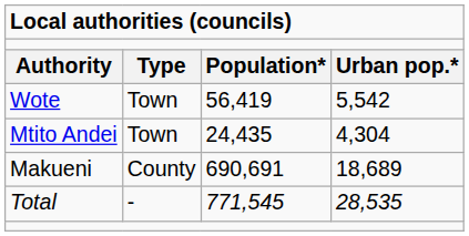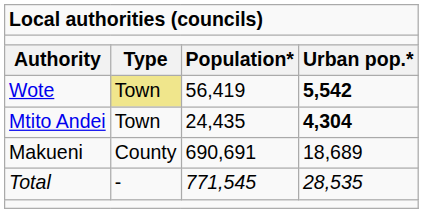 <table class="wikitable">
 <tr>
 <td colspan="5"><strong>Local authorities (councils)</strong></td>
 </tr>
 <tr>
 <td colspan="5"></td>
 </tr>
 <tr>
 <th>Authority</th>
 <th>Type</th>
 <th>Population*</th>
 <th>Urban pop.*</th>
 </tr>
 <tr>
 <td><a href='#'>Wote</a></td>
-<td>Town</td>
+<td style="background: khaki;">Town</td>
 <td>56,419</td>
-<td>5,542</td>
+<td><strong>5,542</strong></td>
 </tr>
 <tr>
 <td><a href='#'>Mtito Andei</a></td>
 <td>Town</td>
 <td>24,435</td>
-<td>4,304</td>
+<td><strong>4,304</strong></td>
 </tr>
 <tr>
 <td>Makueni</td>
 <td>County</td>
 <td>690,691</td>
 <td>18,689</td>
 </tr>
 <tr>
 <td><em>Total</em></td>
 <td>-</td>
 <td><em>771,545</em></td>
 <td><em>28,535</em></td>
 </tr>
 <tr>
 <td colspan="5"></td>
 </tr>
 </table>
